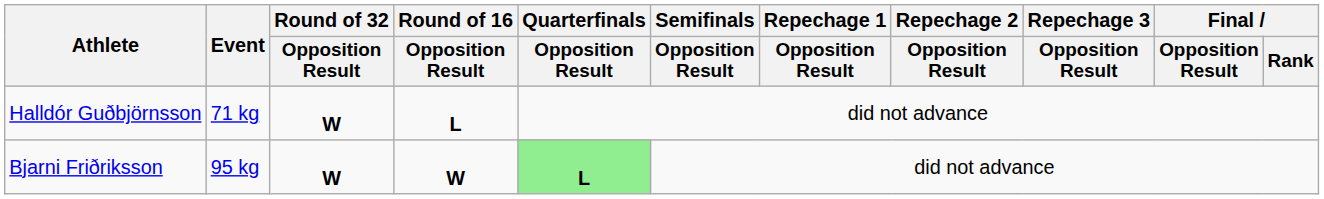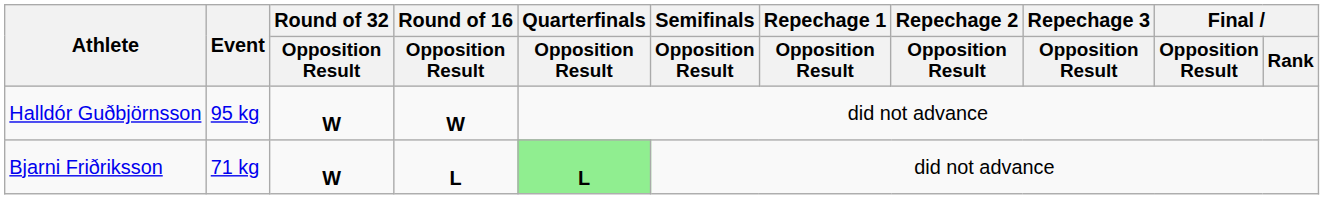 <table class="wikitable" style="font-size:90%">
 <tr>
 <th rowspan="2">Athlete</th>
 <th rowspan="2">Event</th>
 <th>Round of 32</th>
 <th>Round of 16</th>
 <th>Quarterfinals</th>
 <th>Semifinals</th>
 <th>Repechage 1</th>
 <th>Repechage 2</th>
 <th>Repechage 3</th>
 <th colspan=2>Final / </th>
 </tr>
 <tr style="font-size:95%">
 <th>Opposition<br>Result</th>
 <th>Opposition<br>Result</th>
 <th>Opposition<br>Result</th>
 <th>Opposition<br>Result</th>
 <th>Opposition<br>Result</th>
 <th>Opposition<br>Result</th>
 <th>Opposition<br>Result</th>
 <th>Opposition<br>Result</th>
 <th>Rank</th>
 </tr>
 <tr align=center>
 <td align=left><a href='#'>Halldór Guðbjörnsson</a></td>
-<td align=left><a href='#'>71 kg</a></td>
+<td align=left><a href='#'>95 kg</a></td>
 <td><br><strong>W</strong></td>
-<td><br> <strong>L</strong></td>
+<td><br> <strong>W</strong></td>
 <td colspan=7>did not advance</td>
 </tr>
 <tr align=center>
 <td align=left><a href='#'>Bjarni Friðriksson</a></td>
-<td align=left><a href='#'>95 kg</a></td>
+<td align=left><a href='#'>71 kg</a></td>
 <td><br><strong>W</strong></td>
-<td><br> <strong>W</strong></td>
+<td><br> <strong>L</strong></td>
 <td style="background: lightgreen;"><br> <strong>L</strong></td>
 <td colspan=6>did not advance</td>
 </tr>
 </table>
